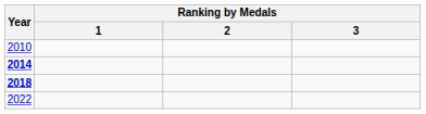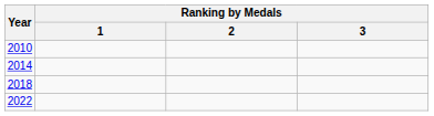 <table class="wikitable" style="text-align:left;" style="font-size:100%">
 <tr>
 <th rowspan=2 width=35>Year</th>
 <th colspan=3>Ranking by Medals</th>
 </tr>
 <tr>
 <th width=200>1</th>
 <th width=200>2</th>
 <th width=200>3</th>
 </tr>
 <tr>
 <td align=center><a href='#'>2010</a></td>
 <td><strong></strong></td>
 <td></td>
 <td></td>
 </tr>
 <tr>
-<td align=center><strong><a href='#'>2014</a></strong></td>
+<td align=center><a href='#'>2014</a></td>
 <td><strong></strong></td>
 <td></td>
 <td></td>
 </tr>
 <tr>
-<td align=center><strong><a href='#'>2018</a></strong></td>
+<td align=center><a href='#'>2018</a></td>
 <td><strong></strong></td>
 <td></td>
 <td></td>
 </tr>
 <tr>
 <td align=center><a href='#'>2022</a></td>
 <td><strong></strong></td>
 <td></td>
 <td></td>
 </tr>
 </table>
